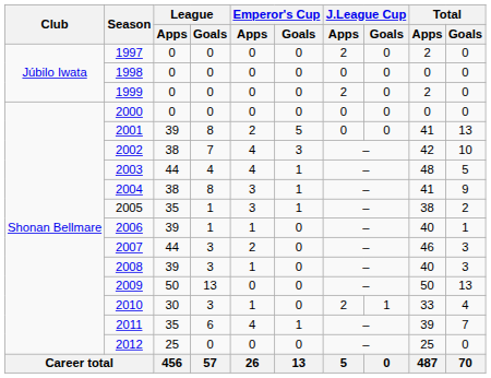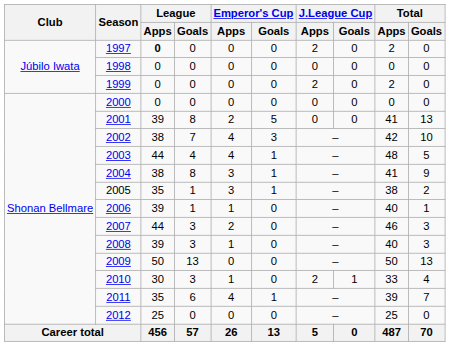 <table class="wikitable" style="font-size:90%; text-align:center;">
 <tr>
 <th rowspan="2">Club</th>
 <th rowspan="2">Season</th>
 <th colspan="2">League</th>
 <th colspan="2"><a href='#'>Emperor's Cup</a></th>
 <th colspan="2"><a href='#'>J.League Cup</a></th>
 <th colspan="2">Total</th>
 </tr>
 <tr>
 <th>Apps</th>
 <th>Goals</th>
 <th>Apps</th>
 <th>Goals</th>
 <th>Apps</th>
 <th>Goals</th>
 <th>Apps</th>
 <th>Goals</th>
 </tr>
 <tr>
 <td rowspan="3"><a href='#'>Júbilo Iwata</a></td>
 <td><a href='#'>1997</a></td>
-<td>0</td>
+<td><strong>0</strong></td>
 <td>0</td>
 <td>0</td>
 <td>0</td>
 <td>2</td>
 <td>0</td>
 <td>2</td>
 <td>0</td>
 </tr>
 <tr>
 <td><a href='#'>1998</a></td>
 <td>0</td>
 <td>0</td>
 <td>0</td>
 <td>0</td>
 <td>0</td>
 <td>0</td>
 <td>0</td>
 <td>0</td>
 </tr>
 <tr>
 <td><a href='#'>1999</a></td>
 <td>0</td>
 <td>0</td>
 <td>0</td>
 <td>0</td>
 <td>2</td>
 <td>0</td>
 <td>2</td>
 <td>0</td>
 </tr>
 <tr>
 <td rowspan="13"><a href='#'>Shonan Bellmare</a></td>
 <td><a href='#'>2000</a></td>
 <td>0</td>
 <td>0</td>
 <td>0</td>
 <td>0</td>
 <td>0</td>
 <td>0</td>
 <td>0</td>
 <td>0</td>
 </tr>
 <tr>
 <td><a href='#'>2001</a></td>
 <td>39</td>
 <td>8</td>
 <td>2</td>
 <td>5</td>
 <td>0</td>
 <td>0</td>
 <td>41</td>
 <td>13</td>
 </tr>
 <tr>
 <td><a href='#'>2002</a></td>
 <td>38</td>
 <td>7</td>
 <td>4</td>
 <td>3</td>
 <td colspan="2">–</td>
 <td>42</td>
 <td>10</td>
 </tr>
 <tr>
 <td><a href='#'>2003</a></td>
 <td>44</td>
 <td>4</td>
 <td>4</td>
 <td>1</td>
 <td colspan="2">–</td>
 <td>48</td>
 <td>5</td>
 </tr>
 <tr>
 <td><a href='#'>2004</a></td>
 <td>38</td>
 <td>8</td>
 <td>3</td>
 <td>1</td>
 <td colspan="2">–</td>
 <td>41</td>
 <td>9</td>
 </tr>
 <tr>
 <td>2005</td>
 <td>35</td>
 <td>1</td>
 <td>3</td>
 <td>1</td>
 <td colspan="2">–</td>
 <td>38</td>
 <td>2</td>
 </tr>
 <tr>
 <td><a href='#'>2006</a></td>
 <td>39</td>
 <td>1</td>
 <td>1</td>
 <td>0</td>
 <td colspan="2">–</td>
 <td>40</td>
 <td>1</td>
 </tr>
 <tr>
 <td><a href='#'>2007</a></td>
 <td>44</td>
 <td>3</td>
 <td>2</td>
 <td>0</td>
 <td colspan="2">–</td>
 <td>46</td>
 <td>3</td>
 </tr>
 <tr>
 <td><a href='#'>2008</a></td>
 <td>39</td>
 <td>3</td>
 <td>1</td>
 <td>0</td>
 <td colspan="2">–</td>
 <td>40</td>
 <td>3</td>
 </tr>
 <tr>
 <td><a href='#'>2009</a></td>
 <td>50</td>
 <td>13</td>
 <td>0</td>
 <td>0</td>
 <td colspan="2">–</td>
 <td>50</td>
 <td>13</td>
 </tr>
 <tr>
 <td><a href='#'>2010</a></td>
 <td>30</td>
 <td>3</td>
 <td>1</td>
 <td>0</td>
 <td>2</td>
 <td>1</td>
 <td>33</td>
 <td>4</td>
 </tr>
 <tr>
 <td><a href='#'>2011</a></td>
 <td>35</td>
 <td>6</td>
 <td>4</td>
 <td>1</td>
 <td colspan="2">–</td>
 <td>39</td>
 <td>7</td>
 </tr>
 <tr>
 <td><a href='#'>2012</a></td>
 <td>25</td>
 <td>0</td>
 <td>0</td>
 <td>0</td>
 <td colspan="2">–</td>
 <td>25</td>
 <td>0</td>
 </tr>
 <tr>
 <th colspan="2">Career total</th>
 <th>456</th>
 <th>57</th>
 <th>26</th>
 <th>13</th>
 <th>5</th>
 <th>0</th>
 <th>487</th>
 <th>70</th>
 </tr>
 </table>
